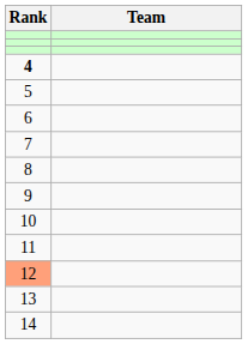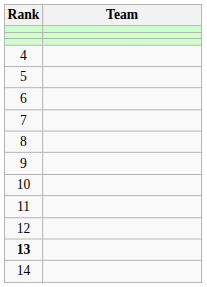 <table class=wikitable style="text-align:center;">
 <tr>
 <th>Rank</th>
 <th width=180>Team</th>
 </tr>
 <tr bgcolor=#CCFFCC>
 <td></td>
 <td align=left></td>
 </tr>
 <tr bgcolor=#CCFFCC>
 <td></td>
 <td align=left></td>
 </tr>
 <tr bgcolor=#CCFFCC>
 <td></td>
 <td align=left></td>
 </tr>
 <tr>
-<td><strong>4</strong></td>
+<td>4</td>
 <td align=left></td>
 </tr>
 <tr>
 <td>5</td>
 <td align=left></td>
 </tr>
 <tr>
 <td>6</td>
 <td align=left></td>
 </tr>
 <tr>
 <td>7</td>
 <td align=left></td>
 </tr>
 <tr>
 <td>8</td>
 <td align=left></td>
 </tr>
 <tr>
 <td>9</td>
 <td align=left></td>
 </tr>
 <tr>
 <td>10</td>
 <td align=left></td>
 </tr>
 <tr>
 <td>11</td>
 <td align=left></td>
 </tr>
 <tr>
-<td style="background: lightsalmon;">12</td>
+<td>12</td>
 <td align=left></td>
 </tr>
 <tr>
-<td>13</td>
+<td><strong>13</strong></td>
 <td align=left></td>
 </tr>
 <tr>
 <td>14</td>
 <td align=left></td>
 </tr>
 </table>
